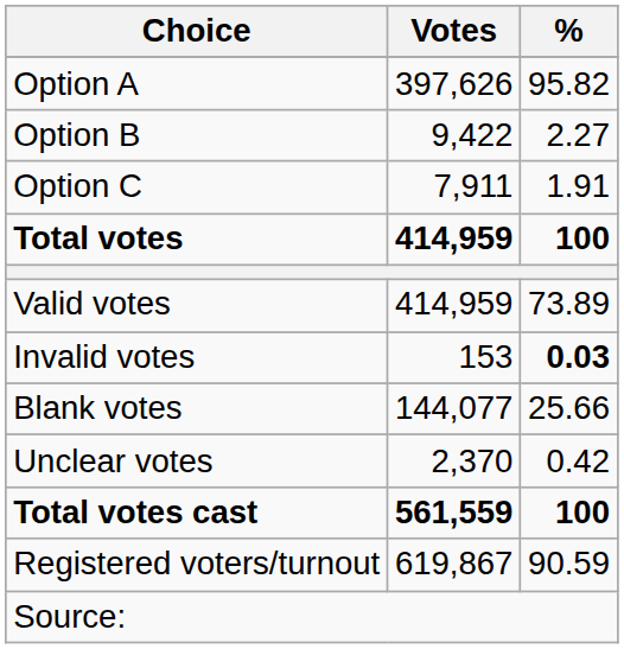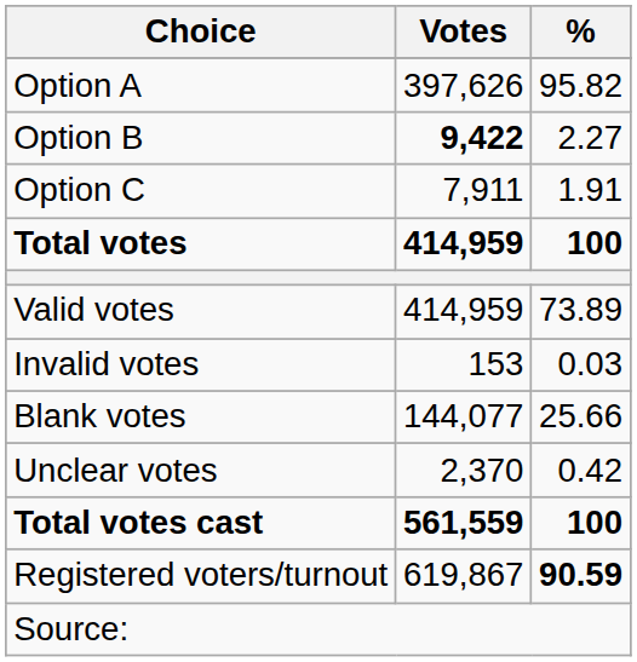 <table class="wikitable sortable" style=text-align:right>
 <tr>
 <th>Choice</th>
 <th>Votes</th>
 <th>%</th>
 </tr>
 <tr>
 </tr>
 <tr>
 <td align=left>Option A</td>
 <td>397,626</td>
 <td>95.82</td>
 </tr>
 <tr>
 <td align=left>Option B</td>
-<td>9,422</td>
+<td><strong>9,422</strong></td>
 <td>2.27</td>
 </tr>
 <tr>
 <td align=left>Option C</td>
 <td>7,911</td>
 <td>1.91</td>
 </tr>
 <tr class=sortbottom>
 <td align=left><strong>Total votes</strong></td>
 <td><strong>414,959</strong></td>
 <td><strong>100</strong></td>
 </tr>
 <tr class=sortbottom>
 <th colspan=3></th>
 </tr>
 <tr class=sortbottom>
 <td align=left>Valid votes</td>
 <td>414,959</td>
 <td>73.89</td>
 </tr>
 <tr class=sortbottom>
 <td align=left>Invalid votes</td>
 <td>153</td>
-<td><strong>0.03</strong></td>
+<td>0.03</td>
 </tr>
 <tr class=sortbottom>
 <td align=left>Blank votes</td>
 <td>144,077</td>
 <td>25.66</td>
 </tr>
 <tr class=sortbottom>
 <td align=left>Unclear votes</td>
 <td>2,370</td>
 <td>0.42</td>
 </tr>
 <tr class=sortbottom>
 <td align=left><strong>Total votes cast</strong></td>
 <td><strong>561,559</strong></td>
 <td><strong>100</strong></td>
 </tr>
 <tr class=sortbottom>
 <td align=left>Registered voters/turnout</td>
 <td>619,867</td>
-<td>90.59</td>
+<td><strong>90.59</strong></td>
 </tr>
 <tr class=sortbottom>
 <td align=left colspan=3>Source: </td>
 </tr>
 </table>
